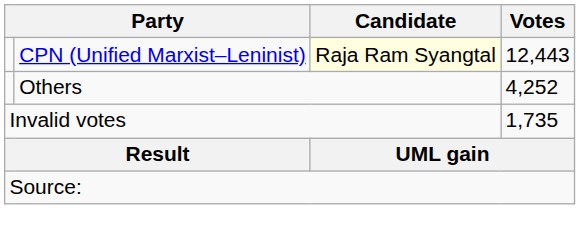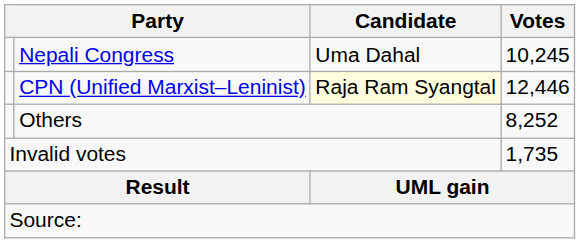 <table class="wikitable">
 <tr>
 <th colspan="2">Party</th>
 <th>Candidate</th>
 <th>Votes</th>
 </tr>
 <tr>
 <td style="background-color:"></td>
+<td><a href='#'>Nepali Congress</a></td>
+<td>Uma Dahal</td>
+<td>10,245</td>
+</tr>
+<tr>
+<td style="background-color:"></td>
 <td><a href='#'>CPN (Unified Marxist–Leninist)</a></td>
 <td style="background: lightyellow;">Raja Ram Syangtal</td>
-<td>12,443</td>
+<td>12,446</td>
 </tr>
 <tr>
 <td></td>
 <td colspan="2">Others</td>
-<td>4,252</td>
+<td>8,252</td>
 </tr>
 <tr>
 <td colspan="3">Invalid votes</td>
 <td>1,735</td>
 </tr>
 <tr>
 <th colspan="2">Result</th>
 <th colspan="2">UML gain</th>
 </tr>
 <tr>
 <td colspan="4">Source: </td>
 </tr>
 </table>
